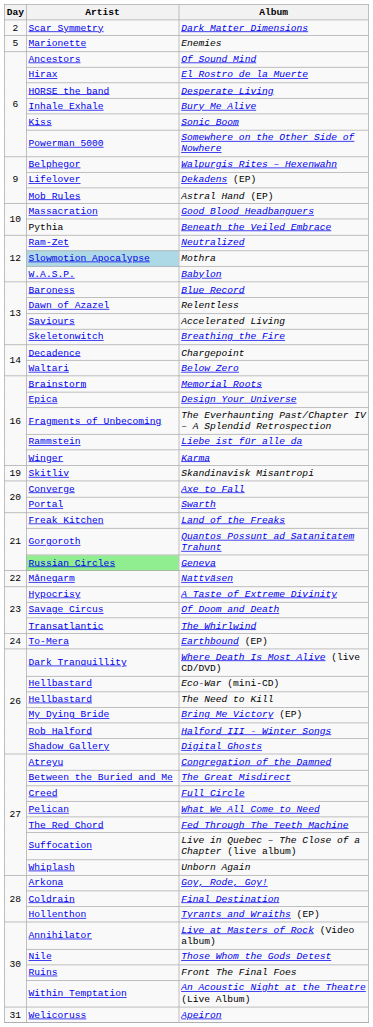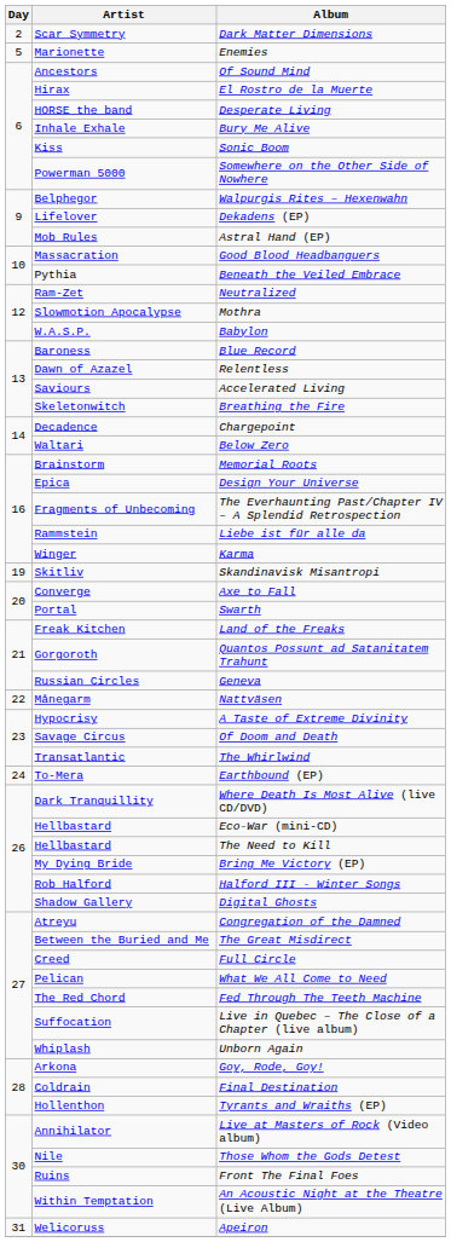 <table class="wikitable">
 <tr>
 <th>Day</th>
 <th style="width:200px;">Artist</th>
 <th style="width:250px;">Album</th>
 </tr>
 <tr>
 <td style="text-align:center;">2</td>
 <td><a href='#'>Scar Symmetry</a></td>
 <td><em><a href='#'>Dark Matter Dimensions</a></em></td>
 </tr>
 <tr>
 <td style="text-align:center;">5</td>
 <td><a href='#'>Marionette</a></td>
 <td><em>Enemies</em></td>
 </tr>
 <tr>
 <td style="text-align:center;" rowspan="6">6</td>
 <td><a href='#'>Ancestors</a></td>
 <td><em><a href='#'>Of Sound Mind</a></em></td>
 </tr>
 <tr>
 <td><a href='#'>Hirax</a></td>
 <td><em><a href='#'>El Rostro de la Muerte</a></em></td>
 </tr>
 <tr>
 <td><a href='#'>HORSE the band</a></td>
 <td><em><a href='#'>Desperate Living</a></em></td>
 </tr>
 <tr>
 <td><a href='#'>Inhale Exhale</a></td>
 <td><em><a href='#'>Bury Me Alive</a></em></td>
 </tr>
 <tr>
 <td><a href='#'>Kiss</a></td>
 <td><em><a href='#'>Sonic Boom</a></em></td>
 </tr>
 <tr>
 <td><a href='#'>Powerman 5000</a></td>
 <td><em><a href='#'>Somewhere on the Other Side of Nowhere</a></em></td>
 </tr>
 <tr>
 <td style="text-align:center;" rowspan="3">9</td>
 <td><a href='#'>Belphegor</a></td>
 <td><em><a href='#'>Walpurgis Rites – Hexenwahn</a></em></td>
 </tr>
 <tr>
 <td><a href='#'>Lifelover</a></td>
 <td><em><a href='#'>Dekadens</a></em> (EP)</td>
 </tr>
 <tr>
 <td><a href='#'>Mob Rules</a></td>
 <td><em>Astral Hand</em> (EP)</td>
 </tr>
 <tr>
 <td style="text-align:center;" rowspan="2">10</td>
 <td><a href='#'>Massacration</a></td>
 <td><em><a href='#'>Good Blood Headbanguers</a></em></td>
 </tr>
 <tr>
 <td>Pythia</td>
 <td><em><a href='#'>Beneath the Veiled Embrace</a></em></td>
 </tr>
 <tr>
 <td style="text-align:center;" rowspan="3">12</td>
 <td><a href='#'>Ram-Zet</a></td>
 <td><em><a href='#'>Neutralized</a></em></td>
 </tr>
 <tr>
-<td style="background: lightblue;"><a href='#'>Slowmotion Apocalypse</a></td>
+<td><a href='#'>Slowmotion Apocalypse</a></td>
 <td><em>Mothra</em></td>
 </tr>
 <tr>
 <td><a href='#'>W.A.S.P.</a></td>
 <td><em><a href='#'>Babylon</a></em></td>
 </tr>
 <tr>
 <td style="text-align:center;" rowspan="4">13</td>
 <td><a href='#'>Baroness</a></td>
 <td><em><a href='#'>Blue Record</a></em></td>
 </tr>
 <tr>
 <td><a href='#'>Dawn of Azazel</a></td>
 <td><em>Relentless</em></td>
 </tr>
 <tr>
 <td><a href='#'>Saviours</a></td>
 <td><em>Accelerated Living</em></td>
 </tr>
 <tr>
 <td><a href='#'>Skeletonwitch</a></td>
 <td><em><a href='#'>Breathing the Fire</a></em></td>
 </tr>
 <tr>
 <td style="text-align:center;" rowspan="2">14</td>
 <td><a href='#'>Decadence</a></td>
 <td><em>Chargepoint</em></td>
 </tr>
 <tr>
 <td><a href='#'>Waltari</a></td>
 <td><em><a href='#'>Below Zero</a></em></td>
 </tr>
 <tr>
 <td style="text-align:center;" rowspan="5">16</td>
 <td><a href='#'>Brainstorm</a></td>
 <td><em><a href='#'>Memorial Roots</a></em></td>
 </tr>
 <tr>
 <td><a href='#'>Epica</a></td>
 <td><em><a href='#'>Design Your Universe</a></em></td>
 </tr>
 <tr>
 <td><a href='#'>Fragments of Unbecoming</a></td>
 <td><em>The Everhaunting Past/Chapter IV – A Splendid Retrospection</em></td>
 </tr>
 <tr>
 <td><a href='#'>Rammstein</a></td>
 <td><em><a href='#'>Liebe ist für alle da</a></em></td>
 </tr>
 <tr>
 <td><a href='#'>Winger</a></td>
 <td><em><a href='#'>Karma</a></em></td>
 </tr>
 <tr>
 <td style="text-align:center;" rowspan="1">19</td>
 <td><a href='#'>Skitliv</a></td>
 <td><em>Skandinavisk Misantropi</em></td>
 </tr>
 <tr>
 <td style="text-align:center;" rowspan="2">20</td>
 <td><a href='#'>Converge</a></td>
 <td><em><a href='#'>Axe to Fall</a></em></td>
 </tr>
 <tr>
 <td><a href='#'>Portal</a></td>
 <td><em><a href='#'>Swarth</a></em></td>
 </tr>
 <tr>
 <td style="text-align:center;" rowspan="3">21</td>
 <td><a href='#'>Freak Kitchen</a></td>
 <td><em><a href='#'>Land of the Freaks</a></em></td>
 </tr>
 <tr>
 <td><a href='#'>Gorgoroth</a></td>
 <td><em><a href='#'>Quantos Possunt ad Satanitatem Trahunt</a></em></td>
 </tr>
 <tr>
-<td style="background: lightgreen;"><a href='#'>Russian Circles</a></td>
+<td><a href='#'>Russian Circles</a></td>
 <td><em><a href='#'>Geneva</a></em></td>
 </tr>
 <tr>
 <td style="text-align:center;">22</td>
 <td><a href='#'>Månegarm</a></td>
 <td><em><a href='#'>Nattväsen</a></em></td>
 </tr>
 <tr>
 <td style="text-align:center;" rowspan="3">23</td>
 <td><a href='#'>Hypocrisy</a></td>
 <td><em><a href='#'>A Taste of Extreme Divinity</a></em></td>
 </tr>
 <tr>
 <td><a href='#'>Savage Circus</a></td>
 <td><em><a href='#'>Of Doom and Death</a></em></td>
 </tr>
 <tr>
 <td><a href='#'>Transatlantic</a></td>
 <td><em><a href='#'>The Whirlwind</a></em></td>
 </tr>
 <tr>
 <td style="text-align:center;">24</td>
 <td><a href='#'>To-Mera</a></td>
 <td><em><a href='#'>Earthbound</a></em> (EP)</td>
 </tr>
 <tr>
 <td style="text-align:center;" rowspan="6">26</td>
 <td><a href='#'>Dark Tranquillity</a></td>
 <td><em><a href='#'>Where Death Is Most Alive</a></em> (live CD/DVD)</td>
 </tr>
 <tr>
 <td><a href='#'>Hellbastard</a></td>
 <td><em>Eco-War</em> (mini-CD)</td>
 </tr>
 <tr>
 <td><a href='#'>Hellbastard</a></td>
 <td><em>The Need to Kill</em></td>
 </tr>
 <tr>
 <td><a href='#'>My Dying Bride</a></td>
 <td><em><a href='#'>Bring Me Victory</a></em> (EP)</td>
 </tr>
 <tr>
 <td><a href='#'>Rob Halford</a></td>
 <td><em><a href='#'>Halford III - Winter Songs</a></em></td>
 </tr>
 <tr>
 <td><a href='#'>Shadow Gallery</a></td>
 <td><em><a href='#'>Digital Ghosts</a></em></td>
 </tr>
 <tr>
 <td style="text-align:center;" rowspan="7">27</td>
 <td><a href='#'>Atreyu</a></td>
 <td><em><a href='#'>Congregation of the Damned</a></em></td>
 </tr>
 <tr>
 <td><a href='#'>Between the Buried and Me</a></td>
 <td><em><a href='#'>The Great Misdirect</a></em></td>
 </tr>
 <tr>
 <td><a href='#'>Creed</a></td>
 <td><em><a href='#'>Full Circle</a></em></td>
 </tr>
 <tr>
 <td><a href='#'>Pelican</a></td>
 <td><em><a href='#'>What We All Come to Need</a></em></td>
 </tr>
 <tr>
 <td><a href='#'>The Red Chord</a></td>
 <td><em><a href='#'>Fed Through The Teeth Machine</a></em></td>
 </tr>
 <tr>
 <td><a href='#'>Suffocation</a></td>
 <td><em>Live in Quebec – The Close of a Chapter</em> (live album)</td>
 </tr>
 <tr>
 <td><a href='#'>Whiplash</a></td>
 <td><em>Unborn Again</em></td>
 </tr>
 <tr>
 <td style="text-align:center;" rowspan="3">28</td>
 <td><a href='#'>Arkona</a></td>
 <td><em><a href='#'>Goy, Rode, Goy!</a></em></td>
 </tr>
 <tr>
 <td><a href='#'>Coldrain</a></td>
 <td><em><a href='#'>Final Destination</a></em></td>
 </tr>
 <tr>
 <td><a href='#'>Hollenthon</a></td>
 <td><em><a href='#'>Tyrants and Wraiths</a></em> (EP)</td>
 </tr>
 <tr>
 <td style="text-align:center;" rowspan="4">30</td>
 <td><a href='#'>Annihilator</a></td>
 <td><em><a href='#'>Live at Masters of Rock</a></em> (Video album)</td>
 </tr>
 <tr>
 <td><a href='#'>Nile</a></td>
 <td><em><a href='#'>Those Whom the Gods Detest</a></em></td>
 </tr>
 <tr>
 <td><a href='#'>Ruins</a></td>
 <td><em>Front The Final Foes</em></td>
 </tr>
 <tr>
 <td><a href='#'>Within Temptation</a></td>
 <td><em><a href='#'>An Acoustic Night at the Theatre</a></em> (Live Album)</td>
 </tr>
 <tr>
 <td style="text-align:center;">31</td>
 <td><a href='#'>Welicoruss</a></td>
 <td><em><a href='#'>Apeiron</a></em></td>
 </tr>
 <tr>
 </tr>
 </table>
